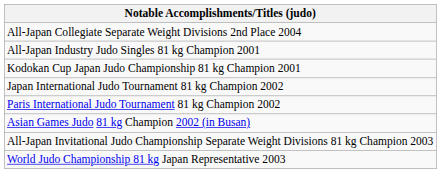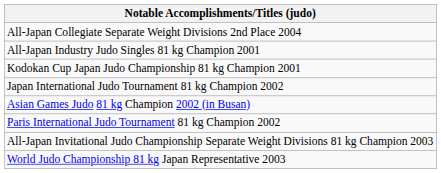 <table class="wikitable">
 <tr>
 <th>Notable Accomplishments/Titles (judo)</th>
 </tr>
 <tr>
 <td>All-Japan Collegiate Separate Weight Divisions 2nd Place 2004</td>
 </tr>
 <tr>
 <td>All-Japan Industry Judo Singles 81 kg Champion 2001</td>
 </tr>
 <tr>
 <td>Kodokan Cup Japan Judo Championship 81 kg Champion 2001</td>
 </tr>
 <tr>
 <td>Japan International Judo Tournament 81 kg Champion 2002</td>
 </tr>
 <tr>
-<td><a href='#'>Paris International Judo Tournament</a> 81 kg Champion 2002</td>
+<td><a href='#'>Asian Games Judo</a> <a href='#'>81 kg</a> Champion <a href='#'>2002 (in Busan)</a></td>
 </tr>
 <tr>
-<td><a href='#'>Asian Games Judo</a> <a href='#'>81 kg</a> Champion <a href='#'>2002 (in Busan)</a></td>
+<td><a href='#'>Paris International Judo Tournament</a> 81 kg Champion 2002</td>
 </tr>
 <tr>
 <td>All-Japan Invitational Judo Championship Separate Weight Divisions 81 kg Champion 2003</td>
 </tr>
 <tr>
 <td><a href='#'>World Judo Championship 81 kg</a> Japan Representative 2003</td>
 </tr>
 </table>
